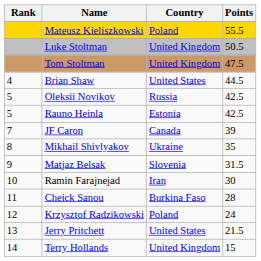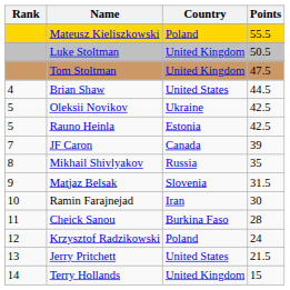 <table class="wikitable" style="display: inline-table;">
 <tr>
 <th style="width: 50px;">Rank</th>
 <th>Name</th>
 <th>Country</th>
 <th>Points</th>
 </tr>
 <tr 30>
 </tr>
 <tr style="background:gold;">
 <td></td>
 <td><a href='#'>Mateusz Kieliszkowski</a></td>
 <td> <a href='#'>Poland</a></td>
 <td>55.5</td>
 </tr>
 <tr>
 </tr>
 <tr style="background:silver;">
 <td></td>
 <td><a href='#'>Luke Stoltman</a></td>
 <td> <a href='#'>United Kingdom</a></td>
 <td>50.5</td>
 </tr>
 <tr>
 </tr>
 <tr style="background:#c96;">
 <td></td>
 <td><a href='#'>Tom Stoltman</a></td>
 <td> <a href='#'>United Kingdom</a></td>
 <td>47.5</td>
 </tr>
 <tr>
 <td>4</td>
 <td><a href='#'>Brian Shaw</a></td>
 <td> <a href='#'>United States</a></td>
 <td>44.5</td>
 </tr>
 <tr>
 <td>5</td>
 <td><a href='#'>Oleksii Novikov</a></td>
-<td> <a href='#'>Russia</a></td>
+<td> <a href='#'>Ukraine</a></td>
 <td>42.5</td>
 </tr>
 <tr>
 <td>5</td>
 <td><a href='#'>Rauno Heinla</a></td>
 <td> <a href='#'>Estonia</a></td>
 <td>42.5</td>
 </tr>
 <tr>
 <td>7</td>
 <td><a href='#'>JF Caron</a></td>
 <td> <a href='#'>Canada</a></td>
 <td>39</td>
 </tr>
 <tr>
 <td>8</td>
 <td><a href='#'>Mikhail Shivlyakov</a></td>
-<td> <a href='#'>Ukraine</a></td>
+<td> <a href='#'>Russia</a></td>
 <td>35</td>
 </tr>
 <tr>
 <td>9</td>
 <td><a href='#'>Matjaz Belsak</a></td>
 <td> <a href='#'>Slovenia</a></td>
 <td>31.5</td>
 </tr>
 <tr>
 <td>10</td>
 <td>Ramin Farajnejad</td>
 <td> <a href='#'>Iran</a></td>
 <td>30</td>
 </tr>
 <tr>
 <td>11</td>
 <td><a href='#'>Cheick Sanou</a></td>
 <td> <a href='#'>Burkina Faso</a></td>
 <td>28</td>
 </tr>
 <tr>
 <td>12</td>
 <td><a href='#'>Krzysztof Radzikowski</a></td>
 <td> <a href='#'>Poland</a></td>
 <td>24</td>
 </tr>
 <tr>
 <td>13</td>
 <td><a href='#'>Jerry Pritchett</a></td>
 <td> <a href='#'>United States</a></td>
 <td>21.5</td>
 </tr>
 <tr>
 <td>14</td>
 <td><a href='#'>Terry Hollands</a></td>
 <td> <a href='#'>United Kingdom</a></td>
 <td>15</td>
 </tr>
 </table>
